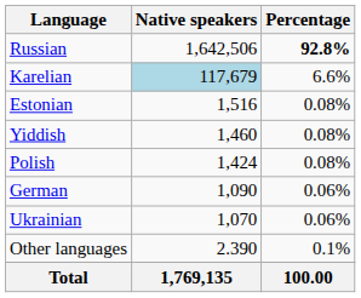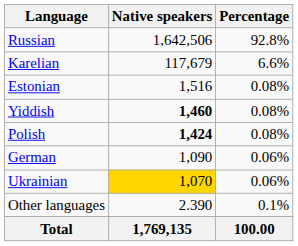 <table class="wikitable sortable">
 <tr>
 <th>Language</th>
 <th>Native speakers</th>
 <th>Percentage</th>
 </tr>
 <tr>
 <td><a href='#'>Russian</a></td>
 <td align="right">1,642,506</td>
-<td align="right"><strong>92.8%</strong></td>
+<td align="right">92.8%</td>
 </tr>
 <tr>
 <td><a href='#'>Karelian</a></td>
-<td align="right" style="background: lightblue;">117,679</td>
+<td align="right">117,679</td>
 <td align="right">6.6%</td>
 </tr>
 <tr>
 <td><a href='#'>Estonian</a></td>
 <td align="right">1,516</td>
 <td align="right">0.08%</td>
 </tr>
 <tr>
 <td><a href='#'>Yiddish</a></td>
-<td align="right">1,460</td>
+<td align="right"><strong>1,460</strong></td>
 <td align="right">0.08%</td>
 </tr>
 <tr>
 <td><a href='#'>Polish</a></td>
-<td align="right">1,424</td>
+<td align="right"><strong>1,424</strong></td>
 <td align="right">0.08%</td>
 </tr>
 <tr>
 <td><a href='#'>German</a></td>
 <td align="right">1,090</td>
 <td align="right">0.06%</td>
 </tr>
 <tr>
 <td><a href='#'>Ukrainian</a></td>
-<td align="right">1,070</td>
+<td align="right" style="background: gold;">1,070</td>
 <td align="right">0.06%</td>
 </tr>
 <tr>
 <td>Other languages</td>
 <td align="right">2.390</td>
 <td align="right">0.1%</td>
 </tr>
 <tr>
 </tr>
 <tr>
 <th>Total</th>
 <th>1,769,135</th>
 <th>100.00</th>
 </tr>
 </table>
